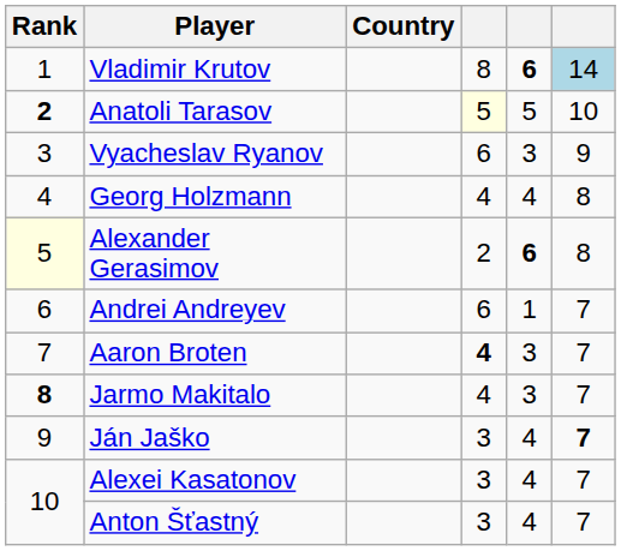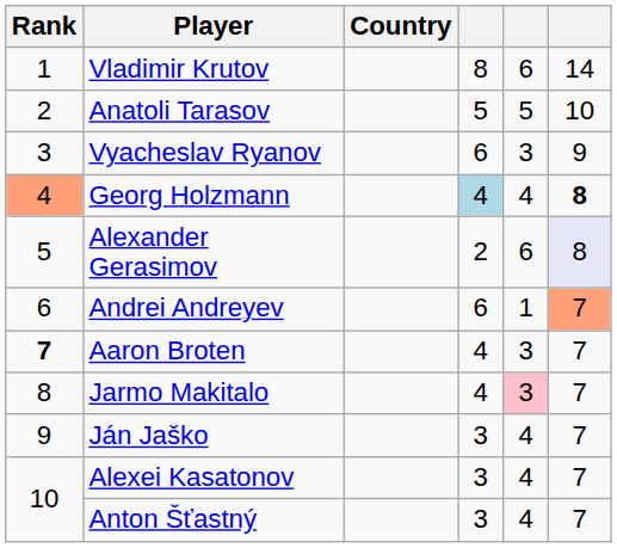 <table class="wikitable sortable" style="text-align: center;">
 <tr>
 <th width=30>Rank</th>
 <th width=150>Player</th>
 <th>Country</th>
 <th width=20></th>
 <th width=20></th>
 <th width=30></th>
 </tr>
 <tr>
 <td>1</td>
 <td align=left><a href='#'>Vladimir Krutov</a></td>
 <td align=left></td>
 <td>8</td>
-<td><strong>6</strong></td>
-<td style="background: lightblue;">14</td>
+<td>6</td>
+<td>14</td>
 </tr>
 <tr>
-<td><strong>2</strong></td>
+<td>2</td>
 <td align=left><a href='#'>Anatoli Tarasov</a></td>
 <td align=left></td>
-<td style="background: lightyellow;">5</td>
+<td>5</td>
 <td>5</td>
 <td>10</td>
 </tr>
 <tr>
 <td>3</td>
 <td align=left><a href='#'>Vyacheslav Ryanov</a></td>
 <td align=left></td>
 <td>6</td>
 <td>3</td>
 <td>9</td>
 </tr>
 <tr>
-<td>4</td>
+<td style="background: lightsalmon;">4</td>
 <td align=left><a href='#'>Georg Holzmann</a></td>
 <td align=left></td>
+<td style="background: lightblue;">4</td>
 <td>4</td>
-<td>4</td>
-<td>8</td>
+<td><strong>8</strong></td>
 </tr>
 <tr>
-<td style="background: lightyellow;">5</td>
+<td>5</td>
 <td align=left><a href='#'>Alexander Gerasimov</a></td>
 <td align=left></td>
 <td>2</td>
-<td><strong>6</strong></td>
-<td>8</td>
+<td>6</td>
+<td style="background: lavender;">8</td>
 </tr>
 <tr>
 <td>6</td>
 <td align=left><a href='#'>Andrei Andreyev</a></td>
 <td align=left></td>
 <td>6</td>
 <td>1</td>
-<td>7</td>
+<td style="background: lightsalmon;">7</td>
 </tr>
 <tr>
-<td>7</td>
+<td><strong>7</strong></td>
 <td align=left><a href='#'>Aaron Broten</a></td>
 <td align=left></td>
-<td><strong>4</strong></td>
+<td>4</td>
 <td>3</td>
 <td>7</td>
 </tr>
 <tr>
-<td><strong>8</strong></td>
+<td>8</td>
 <td align=left><a href='#'>Jarmo Makitalo</a></td>
 <td align=left></td>
 <td>4</td>
-<td>3</td>
+<td style="background: pink;">3</td>
 <td>7</td>
 </tr>
 <tr>
 <td>9</td>
 <td align=left><a href='#'>Ján Jaško</a></td>
 <td align=left></td>
 <td>3</td>
 <td>4</td>
-<td><strong>7</strong></td>
+<td>7</td>
 </tr>
 <tr>
 <td rowspan=2>10</td>
 <td align=left><a href='#'>Alexei Kasatonov</a></td>
 <td align=left></td>
 <td>3</td>
 <td>4</td>
 <td>7</td>
 </tr>
 <tr>
 <td align=left><a href='#'>Anton Šťastný</a></td>
 <td align=left></td>
 <td>3</td>
 <td>4</td>
 <td>7</td>
 </tr>
 </table>
